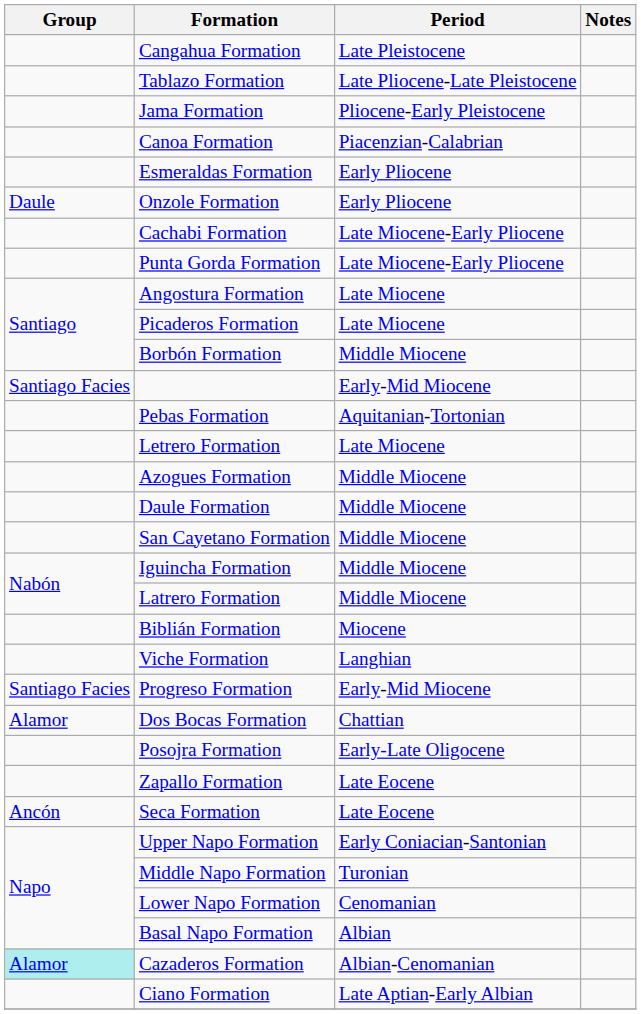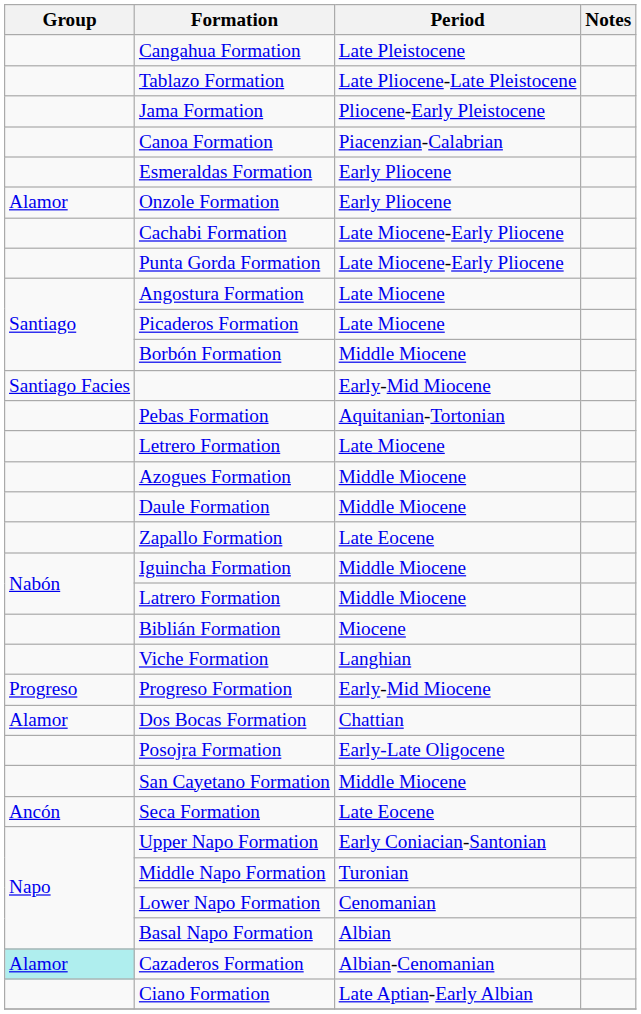 <table class="wikitable sortable">
 <tr>
 <th>Group</th>
 <th>Formation</th>
 <th>Period</th>
 <th class="unsortable">Notes</th>
 </tr>
 <tr>
 <td></td>
 <td><a href='#'>Cangahua Formation</a></td>
 <td style="background-color: "><a href='#'>Late Pleistocene</a></td>
 <td align=center></td>
 </tr>
 <tr>
 <td></td>
 <td><a href='#'>Tablazo Formation</a></td>
 <td style="background-color: "><a href='#'>Late Pliocene</a>-<a href='#'>Late Pleistocene</a></td>
 <td align=center></td>
 </tr>
 <tr>
 <td></td>
 <td><a href='#'>Jama Formation</a></td>
 <td style="background-color: "><a href='#'>Pliocene</a>-<a href='#'>Early Pleistocene</a></td>
 <td align=center></td>
 </tr>
 <tr>
 <td></td>
 <td><a href='#'>Canoa Formation</a></td>
 <td style="background-color: "><a href='#'>Piacenzian</a>-<a href='#'>Calabrian</a></td>
 <td align=center></td>
 </tr>
 <tr>
 <td></td>
 <td><a href='#'>Esmeraldas Formation</a></td>
 <td style="background-color: "><a href='#'>Early Pliocene</a></td>
 <td align=center></td>
 </tr>
 <tr>
-<td><a href='#'>Daule</a></td>
+<td><a href='#'>Alamor</a></td>
 <td><a href='#'>Onzole Formation</a></td>
 <td style="background-color: "><a href='#'>Early Pliocene</a></td>
 <td align=center></td>
 </tr>
 <tr>
 <td></td>
 <td><a href='#'>Cachabi Formation</a></td>
 <td style="background-color: "><a href='#'>Late Miocene</a>-<a href='#'>Early Pliocene</a></td>
 <td align=center></td>
 </tr>
 <tr>
 <td></td>
 <td><a href='#'>Punta Gorda Formation</a></td>
 <td style="background-color: "><a href='#'>Late Miocene</a>-<a href='#'>Early Pliocene</a></td>
 <td align=center></td>
 </tr>
 <tr>
 <td rowspan=3><a href='#'>Santiago</a></td>
 <td><a href='#'>Angostura Formation</a></td>
 <td style="background-color: "><a href='#'>Late Miocene</a></td>
 <td align=center></td>
 </tr>
 <tr>
 <td><a href='#'>Picaderos Formation</a></td>
 <td style="background-color: "><a href='#'>Late Miocene</a></td>
 <td align=center></td>
 </tr>
 <tr>
 <td><a href='#'>Borbón Formation</a></td>
 <td style="background-color: "><a href='#'>Middle Miocene</a></td>
 <td align=center></td>
 </tr>
 <tr>
 <td><a href='#'>Santiago Facies</a></td>
 <td></td>
 <td style="background-color: "><a href='#'>Early</a>-<a href='#'>Mid Miocene</a></td>
 <td align=center></td>
 </tr>
 <tr>
 <td></td>
 <td><a href='#'>Pebas Formation</a></td>
 <td style="background-color: "><a href='#'>Aquitanian</a>-<a href='#'>Tortonian</a></td>
 <td align=center></td>
 </tr>
 <tr>
 <td></td>
 <td><a href='#'>Letrero Formation</a></td>
 <td style="background-color: "><a href='#'>Late Miocene</a></td>
 <td align=center></td>
 </tr>
 <tr>
 <td></td>
 <td><a href='#'>Azogues Formation</a></td>
 <td style="background-color: "><a href='#'>Middle Miocene</a></td>
 <td align=center></td>
 </tr>
 <tr>
 <td></td>
 <td><a href='#'>Daule Formation</a></td>
 <td style="background-color: "><a href='#'>Middle Miocene</a></td>
 <td align=center></td>
 </tr>
 <tr>
 <td></td>
-<td><a href='#'>San Cayetano Formation</a></td>
-<td style="background-color: "><a href='#'>Middle Miocene</a></td>
+<td><a href='#'>Zapallo Formation</a></td>
+<td style="background-color: "><a href='#'>Late Eocene</a></td>
 <td align=center></td>
 </tr>
 <tr>
 <td rowspan=2><a href='#'>Nabón</a></td>
 <td><a href='#'>Iguincha Formation</a></td>
 <td style="background-color: "><a href='#'>Middle Miocene</a></td>
 <td align=center></td>
 </tr>
 <tr>
 <td><a href='#'>Latrero Formation</a></td>
 <td style="background-color: "><a href='#'>Middle Miocene</a></td>
 <td align=center></td>
 </tr>
 <tr>
 <td></td>
 <td><a href='#'>Biblián Formation</a></td>
 <td style="background-color: "><a href='#'>Miocene</a></td>
 <td align=center></td>
 </tr>
 <tr>
 <td></td>
 <td><a href='#'>Viche Formation</a></td>
 <td style="background-color: "><a href='#'>Langhian</a></td>
 <td align=center></td>
 </tr>
 <tr>
-<td><a href='#'>Santiago Facies</a></td>
+<td><a href='#'>Progreso</a></td>
 <td><a href='#'>Progreso Formation</a></td>
 <td style="background-color: "><a href='#'>Early</a>-<a href='#'>Mid Miocene</a></td>
 <td align=center></td>
 </tr>
 <tr>
 <td><a href='#'>Alamor</a></td>
 <td><a href='#'>Dos Bocas Formation</a></td>
 <td style="background-color: "><a href='#'>Chattian</a></td>
 <td align=center></td>
 </tr>
 <tr>
 <td></td>
 <td><a href='#'>Posojra Formation</a></td>
 <td style="background-color: "><a href='#'>Early-Late Oligocene</a></td>
 <td align=center></td>
 </tr>
 <tr>
 <td></td>
-<td><a href='#'>Zapallo Formation</a></td>
-<td style="background-color: "><a href='#'>Late Eocene</a></td>
+<td><a href='#'>San Cayetano Formation</a></td>
+<td style="background-color: "><a href='#'>Middle Miocene</a></td>
 <td align=center></td>
 </tr>
 <tr>
 <td><a href='#'>Ancón</a></td>
 <td><a href='#'>Seca Formation</a></td>
 <td style="background-color: "><a href='#'>Late Eocene</a></td>
 <td align=center></td>
 </tr>
 <tr>
 <td rowspan=4><a href='#'>Napo</a></td>
 <td><a href='#'>Upper Napo Formation</a></td>
 <td style="background-color: "><a href='#'>Early Coniacian</a>-<a href='#'>Santonian</a></td>
 <td align=center></td>
 </tr>
 <tr>
 <td><a href='#'>Middle Napo Formation</a></td>
 <td style="background-color: "><a href='#'>Turonian</a></td>
 <td align=center></td>
 </tr>
 <tr>
 <td><a href='#'>Lower Napo Formation</a></td>
 <td style="background-color: "><a href='#'>Cenomanian</a></td>
 <td align=center></td>
 </tr>
 <tr>
 <td><a href='#'>Basal Napo Formation</a></td>
 <td style="background-color: "><a href='#'>Albian</a></td>
 <td align=center></td>
 </tr>
 <tr>
 <td style="background: paleturquoise;"><a href='#'>Alamor</a></td>
 <td><a href='#'>Cazaderos Formation</a></td>
 <td style="background-color: "><a href='#'>Albian</a>-<a href='#'>Cenomanian</a></td>
 <td align=center></td>
 </tr>
 <tr>
 <td></td>
 <td><a href='#'>Ciano Formation</a></td>
 <td style="background-color: "><a href='#'>Late Aptian</a>-<a href='#'>Early Albian</a></td>
 <td align=center></td>
 </tr>
 <tr>
 </tr>
 </table>
